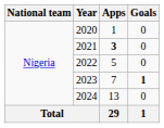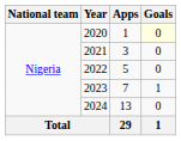 <table class="wikitable" style="text-align:center">
 <tr>
 <th>National team</th>
 <th>Year</th>
 <th>Apps</th>
 <th>Goals</th>
 </tr>
 <tr>
 <td rowspan="5"><a href='#'>Nigeria</a></td>
 <td>2020</td>
 <td>1</td>
-<td>0</td>
+<td style="background: lightyellow;">0</td>
 </tr>
 <tr>
 <td>2021</td>
-<td><strong>3</strong></td>
+<td>3</td>
 <td>0</td>
 </tr>
 <tr>
 <td>2022</td>
 <td>5</td>
 <td>0</td>
 </tr>
 <tr>
 <td>2023</td>
 <td>7</td>
-<td><strong>1</strong></td>
+<td>1</td>
 </tr>
 <tr>
 <td>2024</td>
 <td>13</td>
 <td>0</td>
 </tr>
 <tr>
 <th colspan="2">Total</th>
 <th>29</th>
 <th>1</th>
 </tr>
 </table>
